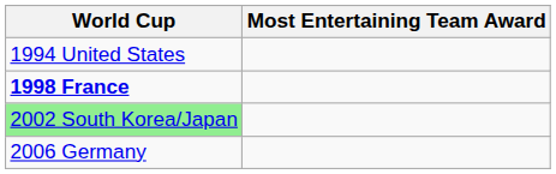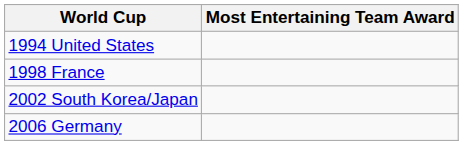 <table class="wikitable">
 <tr>
 <th>World Cup</th>
 <th>Most Entertaining Team Award</th>
 </tr>
 <tr>
 <td><a href='#'>1994 United States</a></td>
 <td align=left></td>
 </tr>
 <tr>
-<td><strong><a href='#'>1998 France</a></strong></td>
+<td><a href='#'>1998 France</a></td>
 <td align=left></td>
 </tr>
 <tr>
-<td style="background: lightgreen;"><a href='#'>2002 South Korea/Japan</a></td>
+<td><a href='#'>2002 South Korea/Japan</a></td>
 <td align=left></td>
 </tr>
 <tr>
 <td><a href='#'>2006 Germany</a></td>
 <td align=left></td>
 </tr>
 </table>
